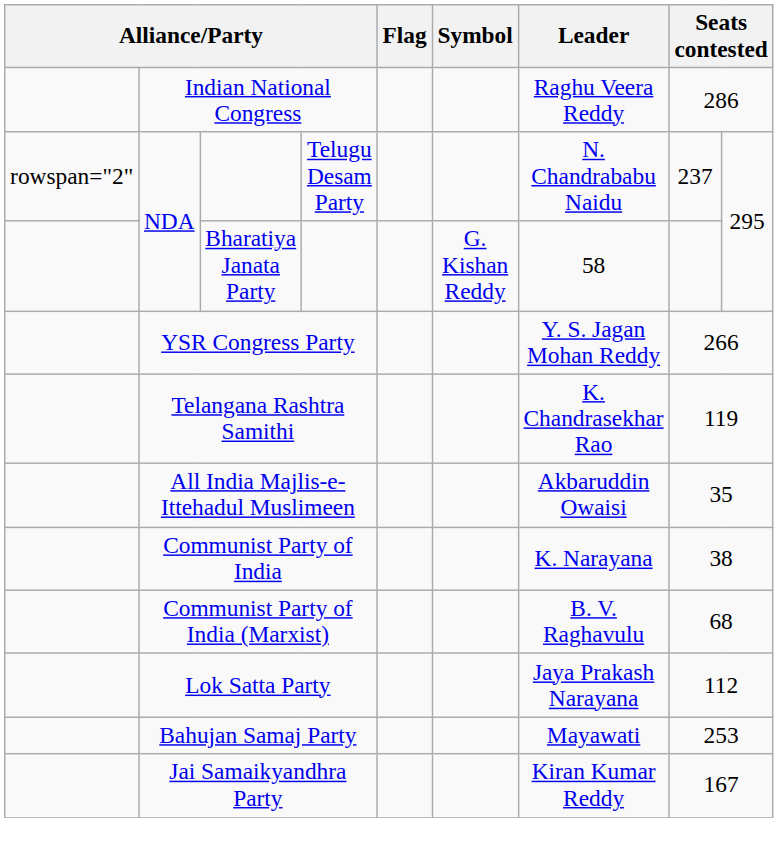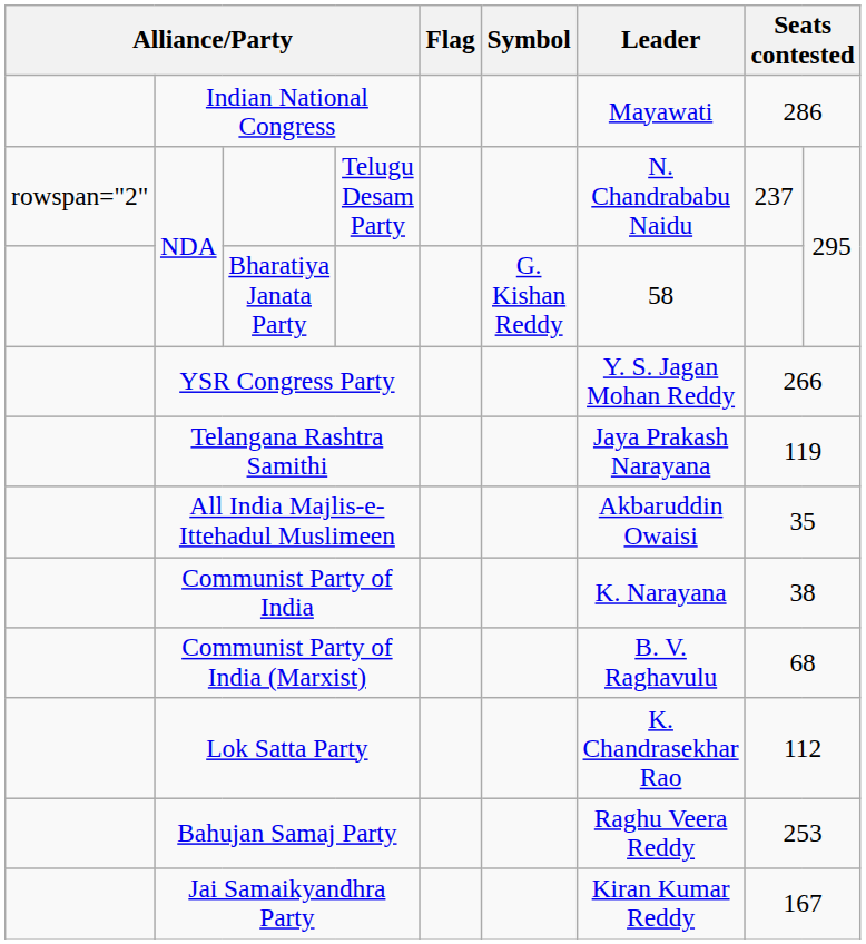 <table class="wikitable" width="50%" style="text-align:center;">
 <tr>
 <th colspan="4">Alliance/Party</th>
 <th>Flag</th>
 <th>Symbol</th>
 <th>Leader</th>
 <th colspan="2">Seats contested</th>
 </tr>
 <tr>
 <td style="text-align:center; background:"></td>
 <td colspan="3"><a href='#'>Indian National Congress</a></td>
 <td></td>
 <td></td>
-<td><a href='#'>Raghu Veera Reddy</a></td>
+<td><a href='#'>Mayawati</a></td>
 <td colspan=3>286</td>
 </tr>
 <tr>
 <td>rowspan="2" </td>
 <td rowspan="2"><a href='#'>NDA</a></td>
 <td style="text-align:center; background:"></td>
 <td><a href='#'>Telugu Desam Party</a></td>
 <td></td>
 <td></td>
 <td><a href='#'>N. Chandrababu Naidu</a></td>
 <td>237</td>
 <td rowspan="2">295</td>
 </tr>
 <tr>
 <td style="text-align:center; background:"></td>
 <td><a href='#'>Bharatiya Janata Party</a></td>
 <td></td>
 <td></td>
 <td><a href='#'>G. Kishan Reddy</a></td>
 <td>58</td>
 </tr>
 <tr>
 <td style="text-align:center; background:"></td>
 <td colspan="3"><a href='#'>YSR Congress Party</a></td>
 <td></td>
 <td></td>
 <td><a href='#'>Y. S. Jagan Mohan Reddy</a></td>
 <td colspan="3">266</td>
 </tr>
 <tr>
 <td style="text-align:center; background:"></td>
 <td colspan="3"><a href='#'>Telangana Rashtra Samithi</a></td>
 <td></td>
 <td></td>
-<td><a href='#'>K. Chandrasekhar Rao</a></td>
+<td><a href='#'>Jaya Prakash Narayana</a></td>
 <td colspan="3">119</td>
 </tr>
 <tr>
 <td style="text-align:center; background:"></td>
 <td colspan="3"><a href='#'>All India Majlis-e-Ittehadul Muslimeen</a></td>
 <td></td>
 <td></td>
 <td><a href='#'>Akbaruddin Owaisi</a></td>
 <td colspan="3">35</td>
 </tr>
 <tr>
 <td style="text-align:center; background:"></td>
 <td colspan="3"><a href='#'>Communist Party of India</a></td>
 <td></td>
 <td></td>
 <td><a href='#'>K. Narayana</a></td>
 <td colspan=3>38</td>
 </tr>
 <tr>
 <td style="text-align:center; background:"></td>
 <td colspan="3"><a href='#'>Communist Party of India (Marxist)</a></td>
 <td></td>
 <td></td>
 <td><a href='#'>B. V. Raghavulu</a></td>
 <td colspan=3>68</td>
 </tr>
 <tr>
 <td style="text-align:center; background:"></td>
 <td colspan=3><a href='#'>Lok Satta Party</a></td>
 <td></td>
 <td></td>
-<td><a href='#'>Jaya Prakash Narayana</a></td>
+<td><a href='#'>K. Chandrasekhar Rao</a></td>
 <td colspan=3>112</td>
 </tr>
 <tr>
 <td></td>
 <td colspan="3"><a href='#'>Bahujan Samaj Party</a></td>
 <td></td>
 <td></td>
-<td><a href='#'>Mayawati</a></td>
+<td><a href='#'>Raghu Veera Reddy</a></td>
 <td colspan=3>253</td>
 </tr>
 <tr>
 <td style="text-align:center; background:"></td>
 <td colspan="3"><a href='#'>Jai Samaikyandhra Party</a></td>
 <td></td>
 <td></td>
 <td><a href='#'>Kiran Kumar Reddy</a></td>
 <td colspan=3>167</td>
 </tr>
 </table>
